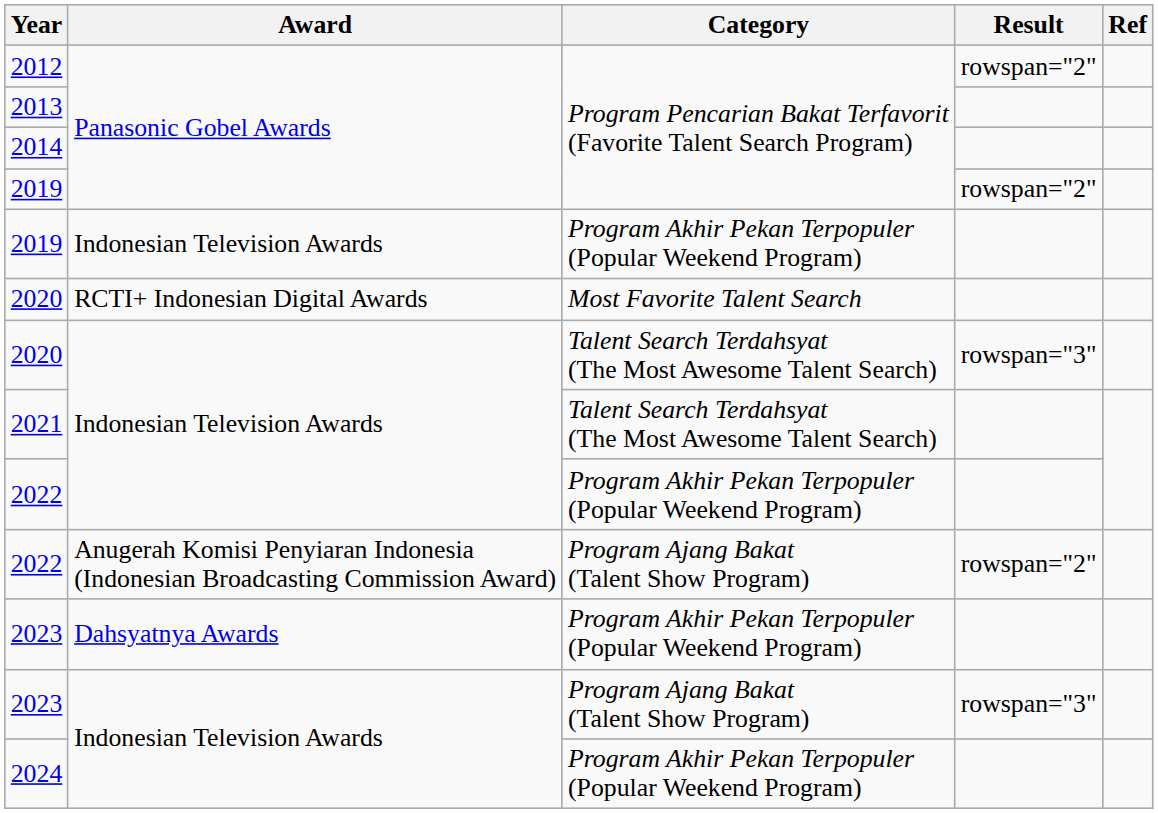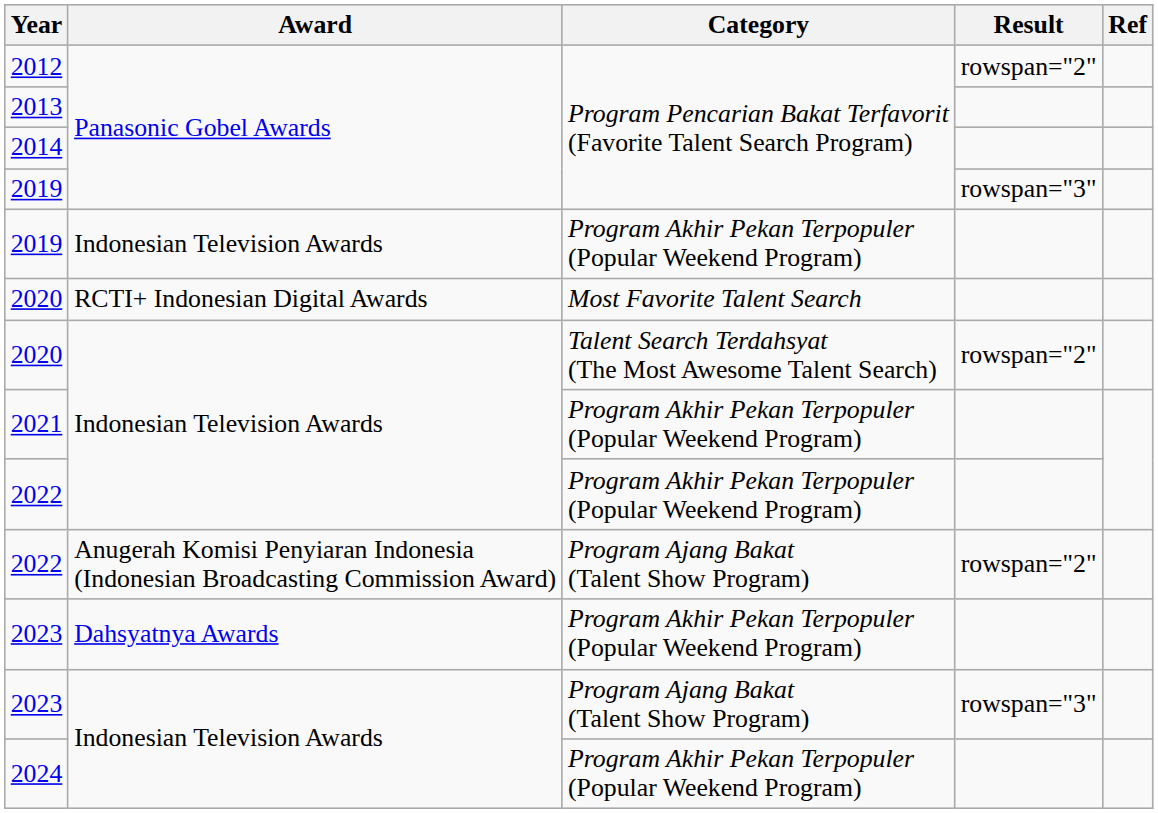 <table class="wikitable">
 <tr>
 <th>Year</th>
 <th>Award</th>
 <th>Category</th>
 <th>Result</th>
 <th>Ref</th>
 </tr>
 <tr>
 <td><a href='#'>2012</a></td>
 <td rowspan="4"><a href='#'>Panasonic Gobel Awards</a></td>
 <td rowspan="4"><em>Program Pencarian Bakat Terfavorit</em><br>(Favorite Talent Search Program)</td>
 <td>rowspan="2" </td>
 <td align="center"></td>
 </tr>
 <tr>
 <td><a href='#'>2013</a></td>
 <td align="center"></td>
 </tr>
 <tr>
 <td><a href='#'>2014</a></td>
 <td></td>
 <td align="center"></td>
 </tr>
 <tr>
 <td><a href='#'>2019</a></td>
-<td>rowspan="2" </td>
+<td>rowspan="3" </td>
 <td align="center"></td>
 </tr>
 <tr>
 <td><a href='#'>2019</a></td>
 <td>Indonesian Television Awards</td>
 <td><em>Program Akhir Pekan Terpopuler</em><br>(Popular Weekend Program)</td>
 <td></td>
 </tr>
 <tr>
 <td><a href='#'>2020</a></td>
 <td>RCTI+ Indonesian Digital Awards</td>
 <td><em>Most Favorite Talent Search</em></td>
 <td></td>
 <td></td>
 </tr>
 <tr>
 <td><a href='#'>2020</a></td>
 <td rowspan="3">Indonesian Television Awards</td>
 <td><em>Talent Search Terdahsyat</em><br>(The Most Awesome Talent Search)</td>
-<td>rowspan="3" </td>
+<td>rowspan="2" </td>
 <td></td>
 </tr>
 <tr>
 <td><a href='#'>2021</a></td>
-<td><em>Talent Search Terdahsyat</em><br>(The Most Awesome Talent Search)</td>
+<td><em>Program Akhir Pekan Terpopuler</em><br>(Popular Weekend Program)</td>
 <td></td>
 </tr>
 <tr>
 <td><a href='#'>2022</a></td>
 <td><em>Program Akhir Pekan Terpopuler</em><br>(Popular Weekend Program)</td>
 <td></td>
 </tr>
 <tr>
 <td><a href='#'>2022</a></td>
 <td>Anugerah Komisi Penyiaran Indonesia<br>(Indonesian Broadcasting Commission Award)</td>
 <td><em>Program Ajang Bakat</em><br>(Talent Show Program)</td>
 <td>rowspan="2" </td>
 <td></td>
 </tr>
 <tr>
 <td><a href='#'>2023</a></td>
 <td><a href='#'>Dahsyatnya Awards</a></td>
 <td><em>Program Akhir Pekan Terpopuler</em><br>(Popular Weekend Program)</td>
 <td></td>
 </tr>
 <tr>
 <td><a href='#'>2023</a></td>
 <td rowspan="2">Indonesian Television Awards</td>
 <td><em>Program Ajang Bakat</em><br>(Talent Show Program)</td>
 <td>rowspan="3" </td>
 <td></td>
 </tr>
 <tr>
 <td><a href='#'>2024</a></td>
 <td><em>Program Akhir Pekan Terpopuler</em><br>(Popular Weekend Program)</td>
 <td></td>
 </tr>
 </table>
